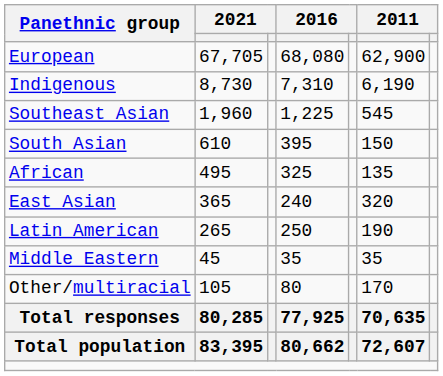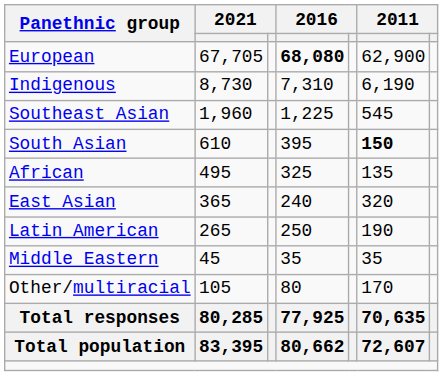 <table class="wikitable collapsible sortable">
 <tr>
 <th rowspan="2"><a href='#'>Panethnic</a> group</th>
 <th colspan="2">2021</th>
 <th colspan="2">2016</th>
 <th colspan="2">2011</th>
 </tr>
 <tr>
 <th><a href='#'></a></th>
 <th></th>
 <th></th>
 <th></th>
 <th></th>
 <th></th>
 </tr>
 <tr>
 <td><a href='#'>European</a></td>
 <td>67,705</td>
 <td></td>
-<td>68,080</td>
+<td><strong>68,080</strong></td>
 <td></td>
 <td>62,900</td>
 <td></td>
 </tr>
 <tr>
 <td><a href='#'>Indigenous</a></td>
 <td>8,730</td>
 <td></td>
 <td>7,310</td>
 <td></td>
 <td>6,190</td>
 <td></td>
 </tr>
 <tr>
 <td><a href='#'>Southeast Asian</a></td>
 <td>1,960</td>
 <td></td>
 <td>1,225</td>
 <td></td>
 <td>545</td>
 <td></td>
 </tr>
 <tr>
 <td><a href='#'>South Asian</a></td>
 <td>610</td>
 <td></td>
 <td>395</td>
 <td></td>
-<td>150</td>
+<td><strong>150</strong></td>
 <td></td>
 </tr>
 <tr>
 <td><a href='#'>African</a></td>
 <td>495</td>
 <td></td>
 <td>325</td>
 <td></td>
 <td>135</td>
 <td></td>
 </tr>
 <tr>
 <td><a href='#'>East Asian</a></td>
 <td>365</td>
 <td></td>
 <td>240</td>
 <td></td>
 <td>320</td>
 <td></td>
 </tr>
 <tr>
 <td><a href='#'>Latin American</a></td>
 <td>265</td>
 <td></td>
 <td>250</td>
 <td></td>
 <td>190</td>
 <td></td>
 </tr>
 <tr>
 <td><a href='#'>Middle Eastern</a></td>
 <td>45</td>
 <td></td>
 <td>35</td>
 <td></td>
 <td>35</td>
 <td></td>
 </tr>
 <tr>
 <td>Other/<a href='#'>multiracial</a></td>
 <td>105</td>
 <td></td>
 <td>80</td>
 <td></td>
 <td>170</td>
 <td></td>
 </tr>
 <tr>
 <th>Total responses</th>
 <th>80,285</th>
 <th></th>
 <th>77,925</th>
 <th></th>
 <th>70,635</th>
 <th></th>
 </tr>
 <tr class="sortbottom">
 <th>Total population</th>
 <th>83,395</th>
 <th></th>
 <th>80,662</th>
 <th></th>
 <th>72,607</th>
 <th></th>
 </tr>
 <tr class="sortbottom">
 <td colspan="15"></td>
 </tr>
 </table>
